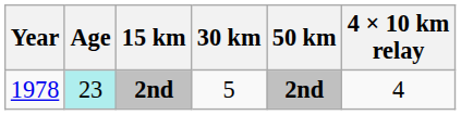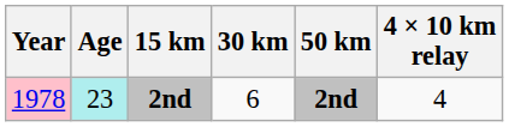 <table class="wikitable" style="text-align: center;">
 <tr>
 <th scope="col">Year</th>
 <th scope="col">Age</th>
 <th scope="col">15 km</th>
 <th scope="col">30 km</th>
 <th scope="col">50 km</th>
 <th scope="col">4 × 10 km<br>relay</th>
 </tr>
 <tr>
-<td><a href='#'>1978</a></td>
+<td style="background: pink;"><a href='#'>1978</a></td>
 <td style="background: paleturquoise;">23</td>
 <td style="background-color: silver;"><strong>2nd</strong></td>
-<td>5</td>
+<td>6</td>
 <td style="background-color: silver;"><strong>2nd</strong></td>
 <td>4</td>
 </tr>
 </table>
